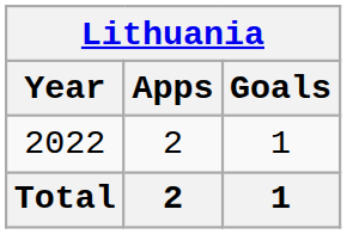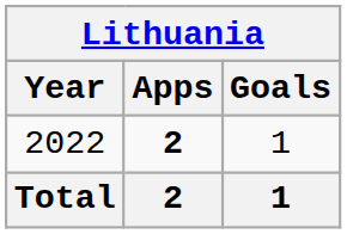 <table class="wikitable" style="text-align:center">
 <tr>
 <th colspan=3><a href='#'>Lithuania</a></th>
 </tr>
 <tr>
 <th>Year</th>
 <th>Apps</th>
 <th>Goals</th>
 </tr>
 <tr>
 <td>2022</td>
-<td>2</td>
+<td><strong>2</strong></td>
 <td>1</td>
 </tr>
 <tr>
 <th>Total</th>
 <th>2</th>
 <th>1</th>
 </tr>
 </table>
